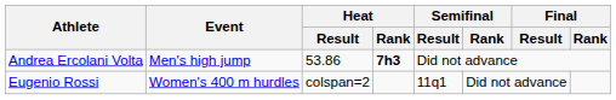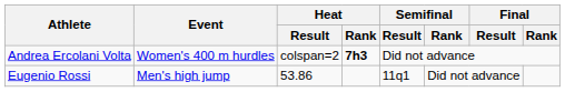 <table class=wikitable>
 <tr>
 <th rowspan=2>Athlete</th>
 <th rowspan=2>Event</th>
 <th colspan=2>Heat</th>
 <th colspan=2>Semifinal</th>
 <th colspan=2>Final</th>
 </tr>
 <tr>
 <th>Result</th>
 <th>Rank</th>
 <th>Result</th>
 <th>Rank</th>
 <th>Result</th>
 <th>Rank</th>
 </tr>
 <tr>
 <td><a href='#'>Andrea Ercolani Volta</a></td>
-<td><a href='#'>Men's high jump</a></td>
-<td>53.86</td>
+<td><a href='#'>Women's 400 m hurdles</a></td>
+<td>colspan=2 </td>
 <td><strong>7h3</strong></td>
 <td colspan=4>Did not advance</td>
 </tr>
 <tr>
 <td><a href='#'>Eugenio Rossi</a></td>
-<td><a href='#'>Women's 400 m hurdles</a></td>
-<td>colspan=2 </td>
+<td><a href='#'>Men's high jump</a></td>
+<td>53.86</td>
 <td></td>
 <td>11q1</td>
 <td colspan=2>Did not advance</td>
 </tr>
 </table>
